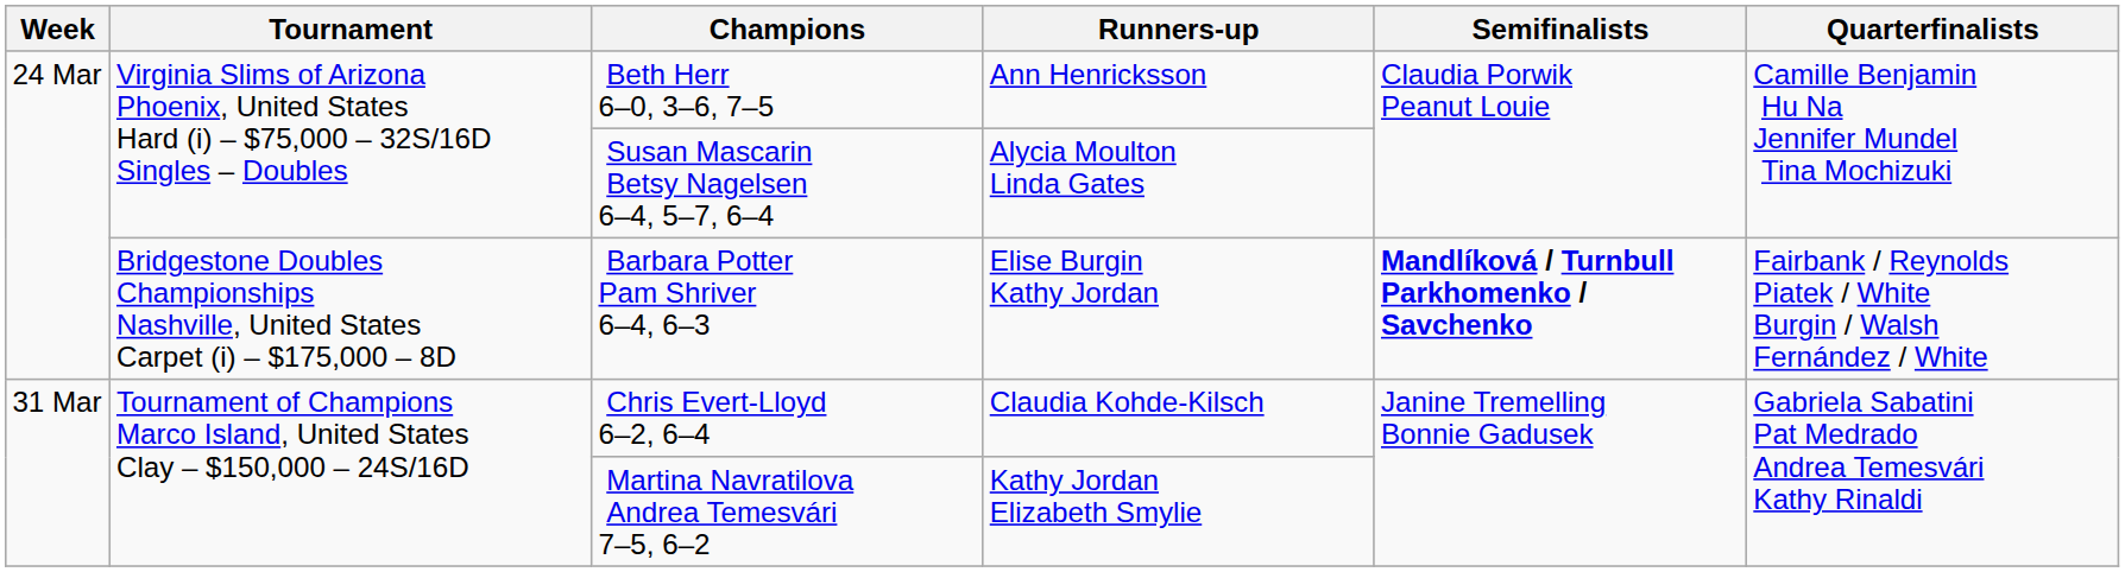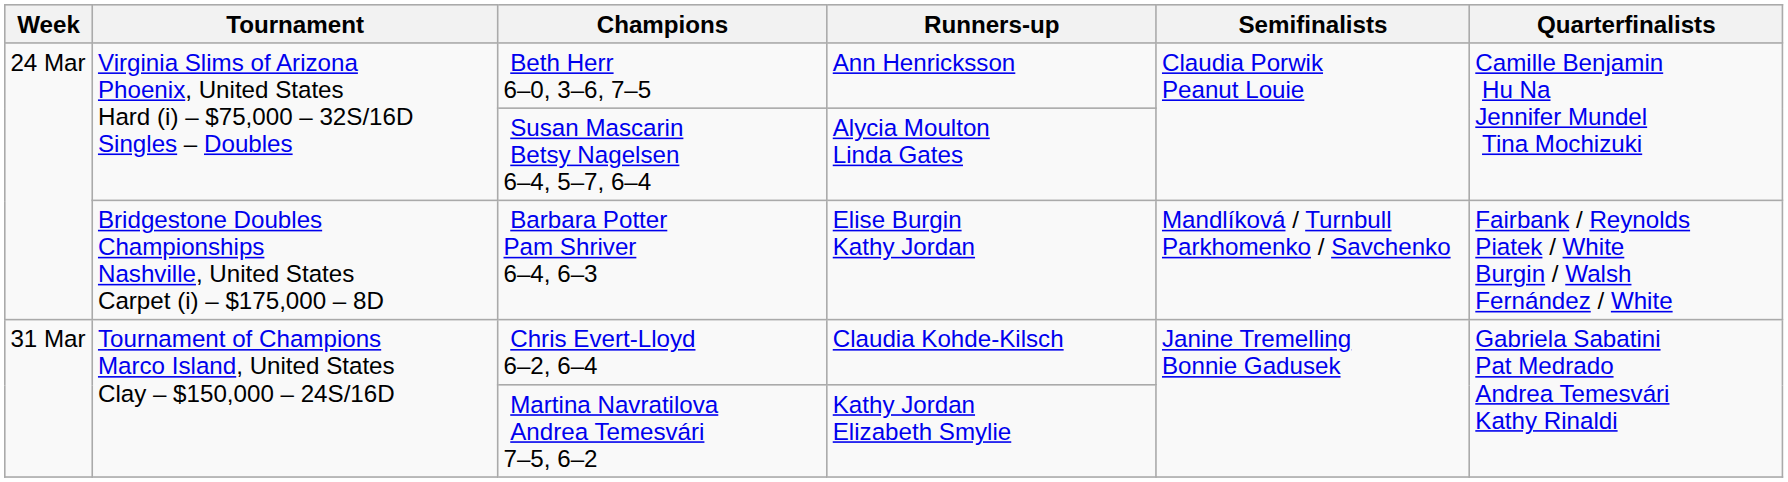 <table class=wikitable style=font-size:95%>
 <tr>
 <th style="width:48px;">Week</th>
 <th style="width:248px;">Tournament</th>
 <th style="width:200px;">Champions</th>
 <th style="width:200px;">Runners-up</th>
 <th style="width:190px;">Semifinalists</th>
 <th style="width:190px;">Quarterfinalists</th>
 </tr>
 <tr valign="top">
 <td rowspan=3>24 Mar</td>
 <td rowspan=2><a href='#'>Virginia Slims of Arizona</a><br> <a href='#'>Phoenix</a>, United States<br>Hard (i) – $75,000 – 32S/16D <br><a href='#'>Singles</a> – <a href='#'>Doubles</a></td>
 <td> <a href='#'>Beth Herr</a><br>6–0, 3–6, 7–5</td>
 <td> <a href='#'>Ann Henricksson</a></td>
 <td rowspan=2><a href='#'>Claudia Porwik</a><br> <a href='#'>Peanut Louie</a></td>
 <td rowspan=2>  <a href='#'>Camille Benjamin</a><br> <a href='#'>Hu Na</a><br>  <a href='#'>Jennifer Mundel</a><br> <a href='#'>Tina Mochizuki</a></td>
 </tr>
 <tr valign="top">
 <td> <a href='#'>Susan Mascarin</a><br> <a href='#'>Betsy Nagelsen</a><br> 6–4, 5–7, 6–4</td>
 <td><a href='#'>Alycia Moulton</a><br><a href='#'>Linda Gates</a></td>
 </tr>
 <tr valign="top">
 <td><a href='#'>Bridgestone Doubles Championships</a><br> <a href='#'>Nashville</a>, United States<br>Carpet (i) – $175,000 – 8D</td>
 <td> <a href='#'>Barbara Potter</a><br>  <a href='#'>Pam Shriver</a><br>6–4, 6–3</td>
 <td> <a href='#'>Elise Burgin</a><br> <a href='#'>Kathy Jordan</a></td>
-<td><strong> <a href='#'>Mandlíková</a> /  <a href='#'>Turnbull</a> <br> <a href='#'>Parkhomenko</a> /  <a href='#'>Savchenko</a></strong></td>
+<td> <a href='#'>Mandlíková</a> /  <a href='#'>Turnbull</a> <br> <a href='#'>Parkhomenko</a> /  <a href='#'>Savchenko</a></td>
 <td> <a href='#'>Fairbank</a> /  <a href='#'>Reynolds</a> <br> <a href='#'>Piatek</a> /  <a href='#'>White</a> <br> <a href='#'>Burgin</a> /  <a href='#'>Walsh</a> <br> <a href='#'>Fernández</a> /  <a href='#'>White</a></td>
 </tr>
 <tr valign="top">
 <td rowspan=2>31 Mar</td>
 <td rowspan=2><a href='#'>Tournament of Champions</a><br> <a href='#'>Marco Island</a>, United States<br>Clay – $150,000 – 24S/16D</td>
 <td> <a href='#'>Chris Evert-Lloyd</a><br>6–2, 6–4</td>
 <td> <a href='#'>Claudia Kohde-Kilsch</a></td>
 <td rowspan=2> <a href='#'>Janine Tremelling</a><br> <a href='#'>Bonnie Gadusek</a></td>
 <td rowspan=2> <a href='#'>Gabriela Sabatini</a><br> <a href='#'>Pat Medrado</a><br> <a href='#'>Andrea Temesvári</a><br> <a href='#'>Kathy Rinaldi</a></td>
 </tr>
 <tr valign="top">
 <td> <a href='#'>Martina Navratilova</a><br> <a href='#'>Andrea Temesvári</a><br> 7–5, 6–2</td>
 <td> <a href='#'>Kathy Jordan</a><br> <a href='#'>Elizabeth Smylie</a></td>
 </tr>
 </table>
